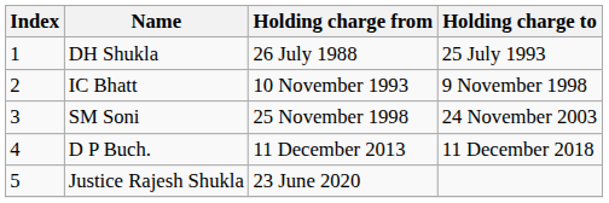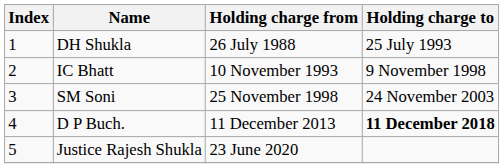 <table class="wikitable">
 <tr>
 <th>Index</th>
 <th>Name</th>
 <th>Holding charge from</th>
 <th>Holding charge to</th>
 </tr>
 <tr>
 <td>1</td>
 <td>DH Shukla</td>
 <td>26 July 1988 </td>
 <td>25 July 1993 </td>
 </tr>
 <tr>
 <td>2</td>
 <td>IC Bhatt </td>
 <td>10 November 1993 </td>
 <td>9 November 1998</td>
 </tr>
 <tr>
 <td>3</td>
 <td>SM Soni </td>
 <td>25 November 1998</td>
 <td>24 November 2003</td>
 </tr>
 <tr>
 <td>4</td>
 <td>D P Buch.</td>
 <td>11 December 2013</td>
-<td>11 December 2018</td>
+<td><strong>11 December 2018</strong></td>
 </tr>
 <tr>
 <td>5</td>
 <td>Justice Rajesh Shukla</td>
 <td>23 June 2020</td>
 <td></td>
 </tr>
 <tr>
 </tr>
 </table>
